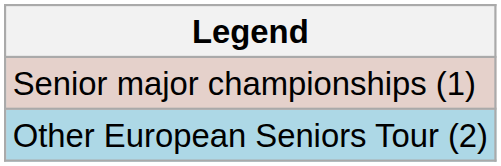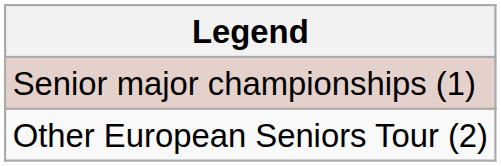 <table class="wikitable" style="font-size:95%;">
 <tr>
 <th>Legend</th>
 </tr>
 <tr style="background:#e5d1cb;">
 <td>Senior major championships (1)</td>
 </tr>
 <tr>
-<td style="background: lightblue;">Other European Seniors Tour (2)</td>
+<td>Other European Seniors Tour (2)</td>
 </tr>
 </table>
